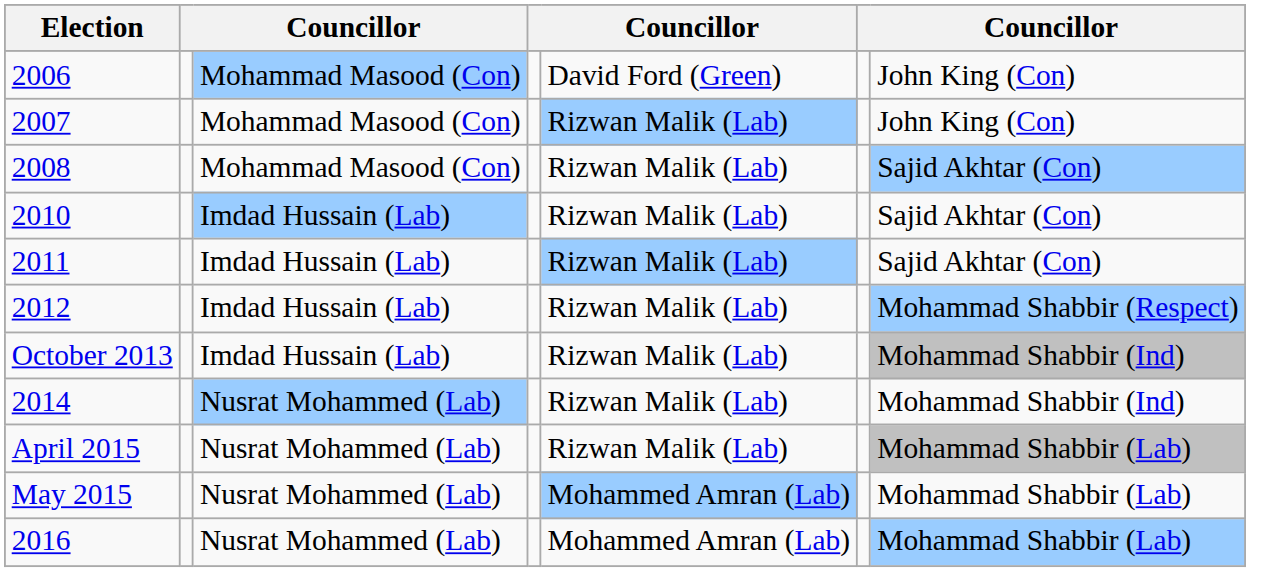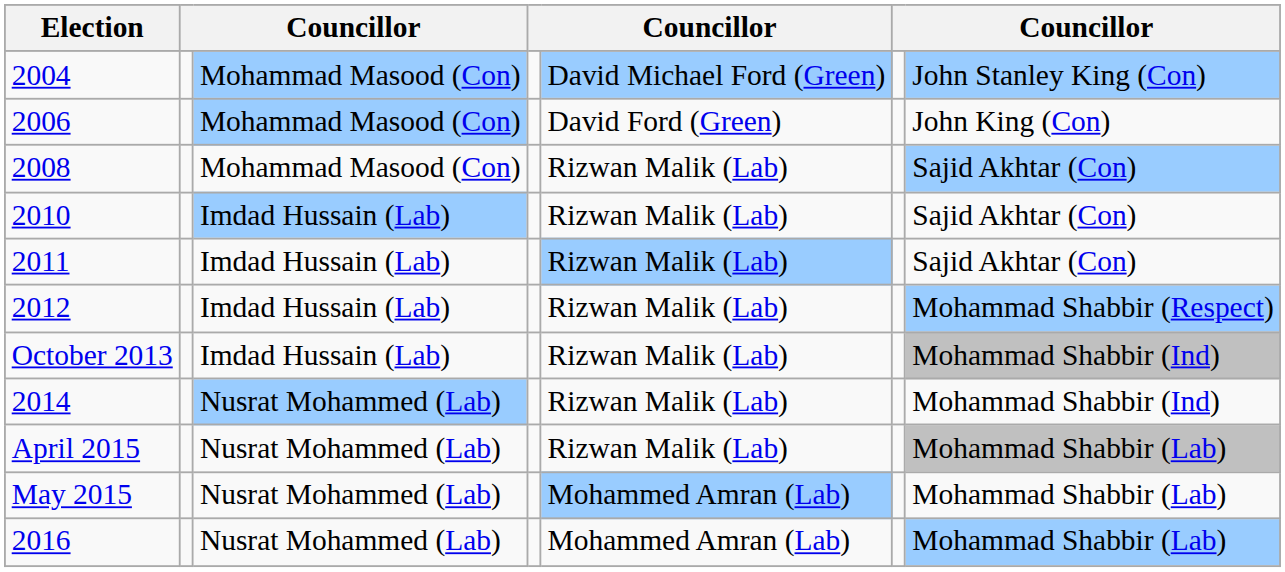 <table class="wikitable">
 <tr>
 <th>Election</th>
 <th colspan="2">Councillor</th>
 <th colspan="2">Councillor</th>
 <th colspan="2">Councillor</th>
 </tr>
 <tr>
+<td><a href='#'>2004</a></td>
+<td style="background-color: "></td>
+<td bgcolor="#99CCFF">Mohammad Masood (<a href='#'>Con</a>)</td>
+<td style="background-color: "></td>
+<td bgcolor="#99CCFF">David Michael Ford (<a href='#'>Green</a>)</td>
+<td style="background-color: "></td>
+<td bgcolor="#99CCFF">John Stanley King (<a href='#'>Con</a>)</td>
+</tr>
+<tr>
 <td><a href='#'>2006</a></td>
 <td style="background-color: "></td>
 <td bgcolor="#99CCFF">Mohammad Masood (<a href='#'>Con</a>)</td>
 <td style="background-color: "></td>
 <td>David Ford (<a href='#'>Green</a>)</td>
-<td style="background-color: "></td>
-<td>John King (<a href='#'>Con</a>)</td>
-</tr>
-<tr>
-<td><a href='#'>2007</a></td>
-<td style="background-color: "></td>
-<td>Mohammad Masood (<a href='#'>Con</a>)</td>
-<td style="background-color: "></td>
-<td bgcolor="#99CCFF">Rizwan Malik (<a href='#'>Lab</a>)</td>
 <td style="background-color: "></td>
 <td>John King (<a href='#'>Con</a>)</td>
 </tr>
 <tr>
 <td><a href='#'>2008</a></td>
 <td style="background-color: "></td>
 <td>Mohammad Masood (<a href='#'>Con</a>)</td>
 <td style="background-color: "></td>
 <td>Rizwan Malik (<a href='#'>Lab</a>)</td>
 <td style="background-color: "></td>
 <td bgcolor="#99CCFF">Sajid Akhtar (<a href='#'>Con</a>)</td>
 </tr>
 <tr>
 <td><a href='#'>2010</a></td>
 <td style="background-color: "></td>
 <td bgcolor="#99CCFF">Imdad Hussain (<a href='#'>Lab</a>)</td>
 <td style="background-color: "></td>
 <td>Rizwan Malik (<a href='#'>Lab</a>)</td>
 <td style="background-color: "></td>
 <td>Sajid Akhtar (<a href='#'>Con</a>)</td>
 </tr>
 <tr>
 <td><a href='#'>2011</a></td>
 <td style="background-color: "></td>
 <td>Imdad Hussain (<a href='#'>Lab</a>)</td>
 <td style="background-color: "></td>
 <td bgcolor="#99CCFF">Rizwan Malik (<a href='#'>Lab</a>)</td>
 <td style="background-color: "></td>
 <td>Sajid Akhtar (<a href='#'>Con</a>)</td>
 </tr>
 <tr>
 <td><a href='#'>2012</a></td>
 <td style="background-color: "></td>
 <td>Imdad Hussain (<a href='#'>Lab</a>)</td>
 <td style="background-color: "></td>
 <td>Rizwan Malik (<a href='#'>Lab</a>)</td>
 <td style="background-color: "></td>
 <td bgcolor="#99CCFF">Mohammad Shabbir (<a href='#'>Respect</a>)</td>
 </tr>
 <tr>
 <td><a href='#'>October 2013</a></td>
 <td style="background-color: "></td>
 <td>Imdad Hussain (<a href='#'>Lab</a>)</td>
 <td style="background-color: "></td>
 <td>Rizwan Malik (<a href='#'>Lab</a>)</td>
 <td style="background-color: "></td>
 <td bgcolor="#C0C0C0">Mohammad Shabbir (<a href='#'>Ind</a>)</td>
 </tr>
 <tr>
 <td><a href='#'>2014</a></td>
 <td style="background-color: "></td>
 <td bgcolor="#99CCFF">Nusrat Mohammed (<a href='#'>Lab</a>)</td>
 <td style="background-color: "></td>
 <td>Rizwan Malik (<a href='#'>Lab</a>)</td>
 <td style="background-color: "></td>
 <td>Mohammad Shabbir (<a href='#'>Ind</a>)</td>
 </tr>
 <tr>
 <td><a href='#'>April 2015</a></td>
 <td style="background-color: "></td>
 <td>Nusrat Mohammed (<a href='#'>Lab</a>)</td>
 <td style="background-color: "></td>
 <td>Rizwan Malik (<a href='#'>Lab</a>)</td>
 <td style="background-color: "></td>
 <td bgcolor="#C0C0C0">Mohammad Shabbir (<a href='#'>Lab</a>)</td>
 </tr>
 <tr>
 <td><a href='#'>May 2015</a></td>
 <td style="background-color: "></td>
 <td>Nusrat Mohammed (<a href='#'>Lab</a>)</td>
 <td style="background-color: "></td>
 <td bgcolor="#99CCFF">Mohammed Amran (<a href='#'>Lab</a>)</td>
 <td style="background-color: "></td>
 <td>Mohammad Shabbir (<a href='#'>Lab</a>)</td>
 </tr>
 <tr>
 <td><a href='#'>2016</a></td>
 <td style="background-color: "></td>
 <td>Nusrat Mohammed (<a href='#'>Lab</a>)</td>
 <td style="background-color: "></td>
 <td>Mohammed Amran (<a href='#'>Lab</a>)</td>
 <td style="background-color: "></td>
 <td bgcolor="#99CCFF">Mohammad Shabbir (<a href='#'>Lab</a>)</td>
 </tr>
 </table>
